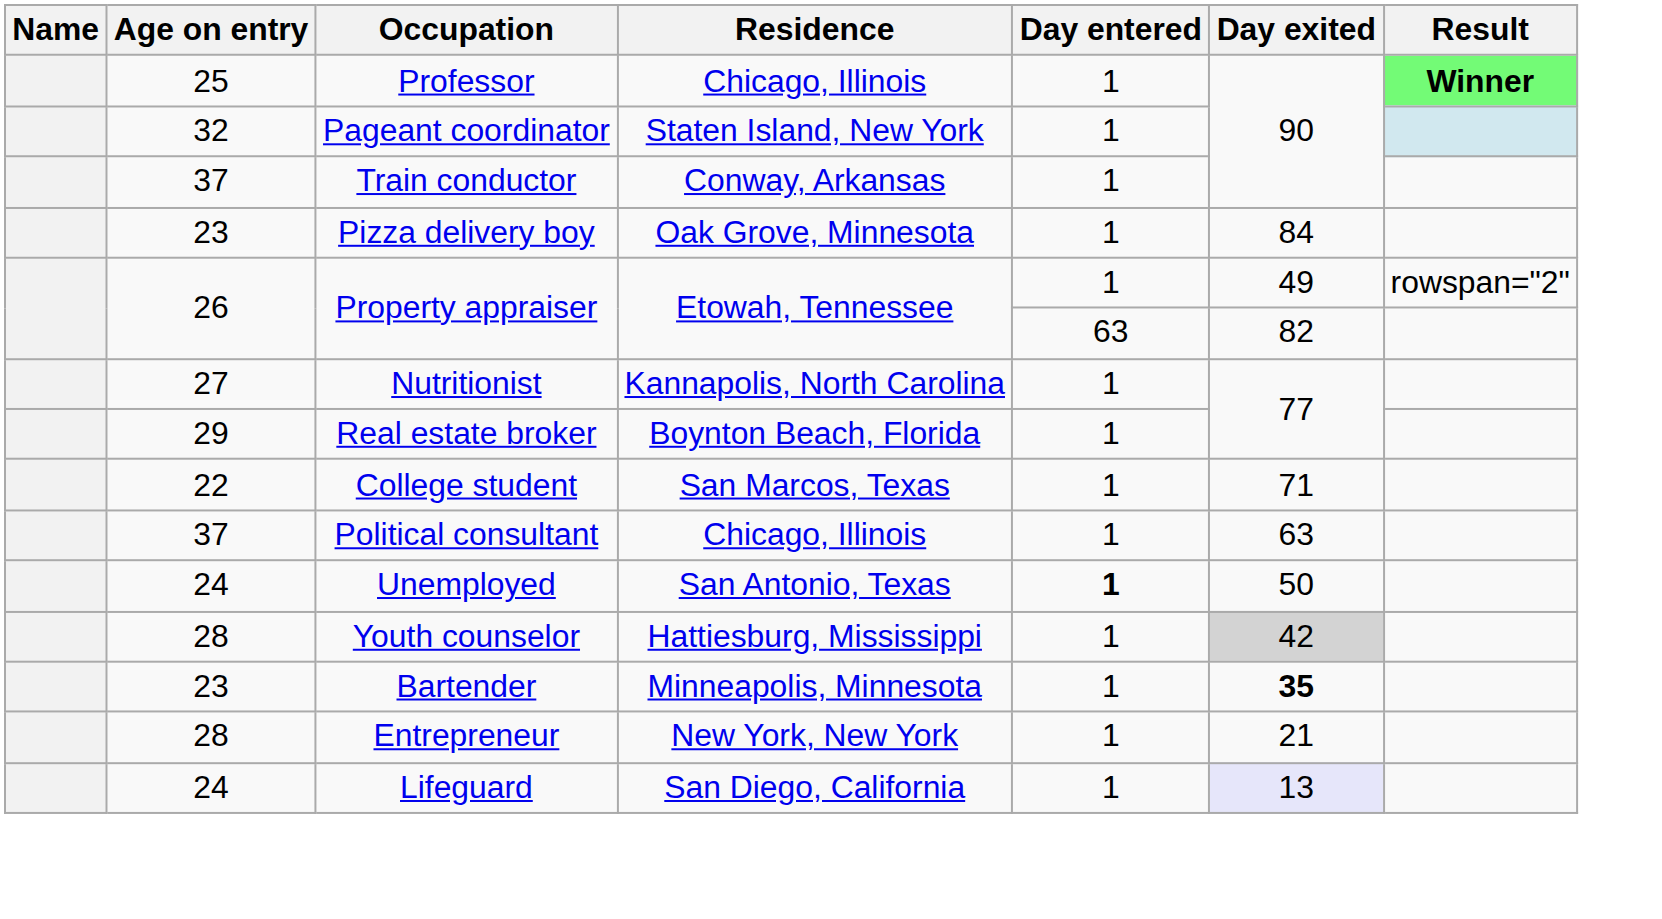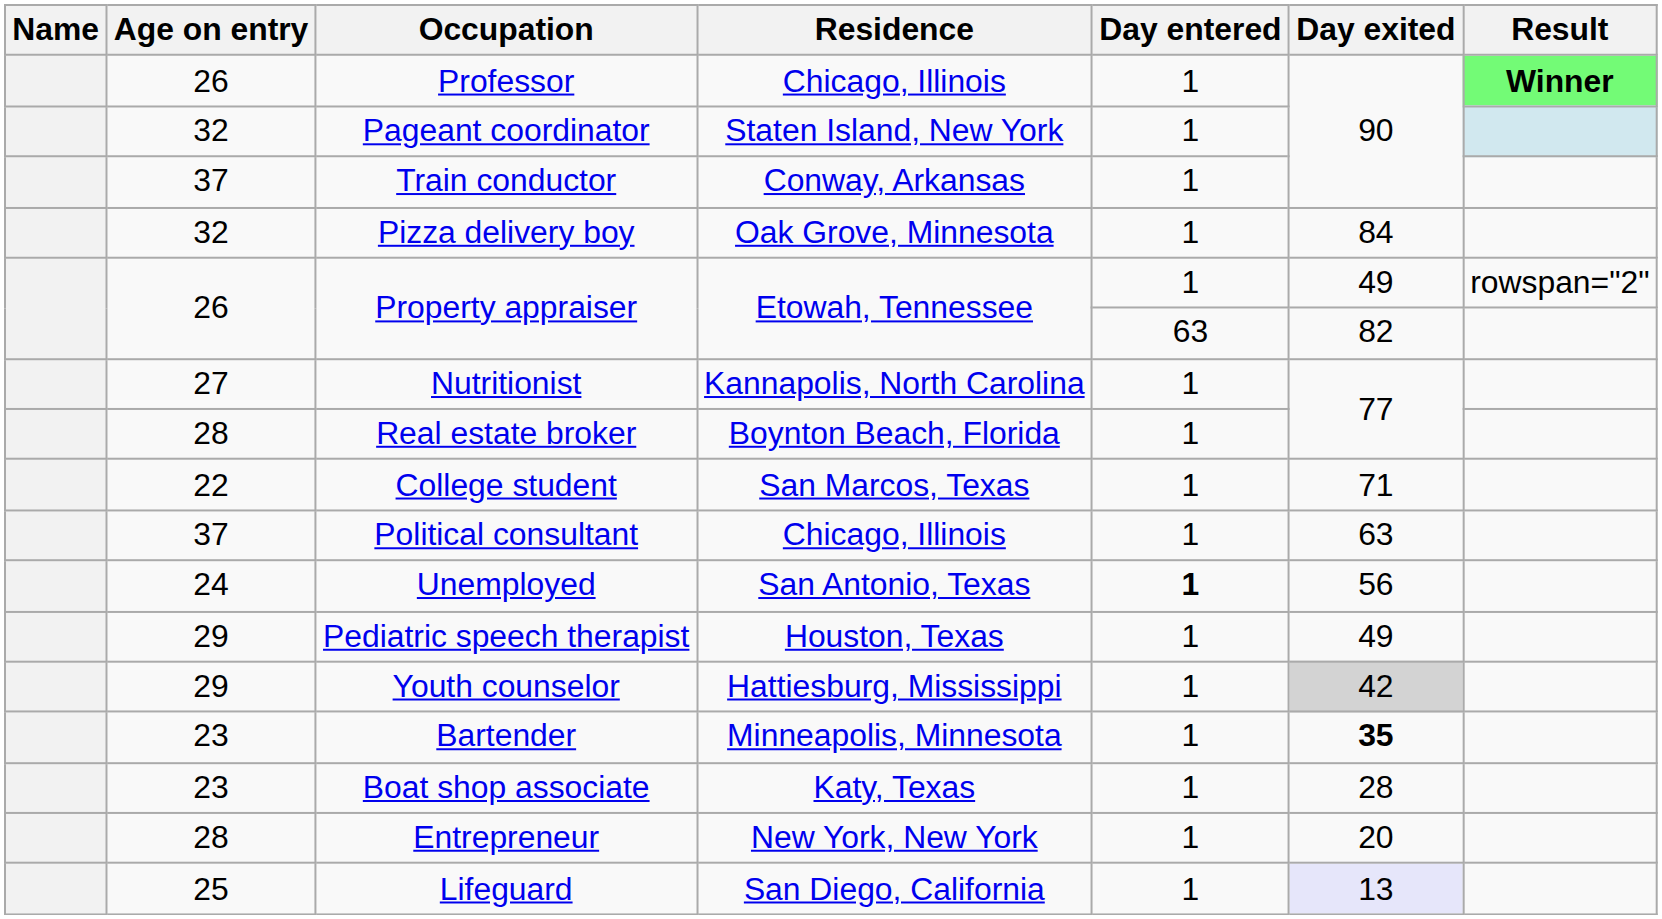 <table class="wikitable sortable" style="text-align:center;">
 <tr>
 <th scope="col">Name</th>
 <th scope="col">Age on entry</th>
 <th scope="col" class="unsortable">Occupation</th>
 <th scope="col" class="unsortable">Residence</th>
 <th scope="col" class="unsortable">Day entered</th>
 <th scope="col">Day exited</th>
 <th scope="col" class="unsortable">Result</th>
 </tr>
 <tr>
 <th scope="row"></th>
-<td>25</td>
+<td>26</td>
 <td><a href='#'>Professor</a></td>
 <td><a href='#'>Chicago, Illinois</a></td>
 <td>1</td>
 <td rowspan="3">90</td>
 <td bgcolor="73FB76"><strong>Winner</strong></td>
 </tr>
 <tr>
 <th scope="row"></th>
 <td>32</td>
 <td><a href='#'>Pageant coordinator</a></td>
 <td><a href='#'>Staten Island, New York</a></td>
 <td>1</td>
 <td bgcolor="D1E8EF"></td>
 </tr>
 <tr>
 <th scope="row"></th>
 <td>37</td>
 <td><a href='#'>Train conductor</a></td>
 <td><a href='#'>Conway, Arkansas</a></td>
 <td>1</td>
 <td></td>
 </tr>
 <tr>
 <th scope="row"></th>
-<td>23</td>
+<td>32</td>
 <td><a href='#'>Pizza delivery boy</a></td>
 <td><a href='#'>Oak Grove, Minnesota</a></td>
 <td>1</td>
 <td>84</td>
 <td></td>
 </tr>
 <tr>
 <th scope="row" rowspan="2"></th>
 <td rowspan="2">26</td>
 <td rowspan="2"><a href='#'>Property appraiser</a></td>
 <td rowspan="2"><a href='#'>Etowah, Tennessee</a></td>
 <td>1</td>
 <td>49</td>
 <td>rowspan="2" </td>
 </tr>
 <tr>
 <td>63</td>
 <td>82</td>
 </tr>
 <tr>
 <th scope="row"></th>
 <td>27</td>
 <td><a href='#'>Nutritionist</a></td>
 <td><a href='#'>Kannapolis, North Carolina</a></td>
 <td>1</td>
 <td rowspan="2">77</td>
 <td></td>
 </tr>
 <tr>
 <th scope="row"></th>
-<td>29</td>
+<td>28</td>
 <td><a href='#'>Real estate broker</a></td>
 <td><a href='#'>Boynton Beach, Florida</a></td>
 <td>1</td>
 <td></td>
 </tr>
 <tr>
 <th scope="row"></th>
 <td>22</td>
 <td><a href='#'>College student</a></td>
 <td><a href='#'>San Marcos, Texas</a></td>
 <td>1</td>
 <td>71</td>
 <td></td>
 </tr>
 <tr>
 <th scope="row"></th>
 <td>37</td>
 <td><a href='#'>Political consultant</a></td>
 <td><a href='#'>Chicago, Illinois</a></td>
 <td>1</td>
 <td>63</td>
 <td></td>
 </tr>
 <tr>
 <th scope="row"></th>
 <td>24</td>
 <td><a href='#'>Unemployed</a></td>
 <td><a href='#'>San Antonio, Texas</a></td>
 <td><strong>1</strong></td>
-<td>50</td>
+<td>56</td>
 <td></td>
 </tr>
 <tr>
 <th scope="row"></th>
-<td>28</td>
+<td>29</td>
+<td><a href='#'>Pediatric speech therapist</a></td>
+<td><a href='#'>Houston, Texas</a></td>
+<td>1</td>
+<td>49</td>
+<td></td>
+</tr>
+<tr>
+<th scope="row"></th>
+<td>29</td>
 <td><a href='#'>Youth counselor</a></td>
 <td><a href='#'>Hattiesburg, Mississippi</a></td>
 <td>1</td>
 <td style="background: lightgrey;">42</td>
 <td></td>
 </tr>
 <tr>
 <th scope="row"></th>
 <td>23</td>
 <td><a href='#'>Bartender</a></td>
 <td><a href='#'>Minneapolis, Minnesota</a></td>
 <td>1</td>
 <td><strong>35</strong></td>
 <td></td>
 </tr>
 <tr>
 <th scope="row"></th>
+<td>23</td>
+<td><a href='#'>Boat shop associate</a></td>
+<td><a href='#'>Katy, Texas</a></td>
+<td>1</td>
+<td>28</td>
+<td></td>
+</tr>
+<tr>
+<th scope="row"></th>
 <td>28</td>
 <td><a href='#'>Entrepreneur</a></td>
 <td><a href='#'>New York, New York</a></td>
 <td>1</td>
-<td>21</td>
+<td>20</td>
 <td></td>
 </tr>
 <tr>
 <th scope="row"></th>
-<td>24</td>
+<td>25</td>
 <td><a href='#'>Lifeguard</a></td>
 <td><a href='#'>San Diego, California</a></td>
 <td>1</td>
 <td style="background: lavender;">13</td>
 <td></td>
 </tr>
 </table>
